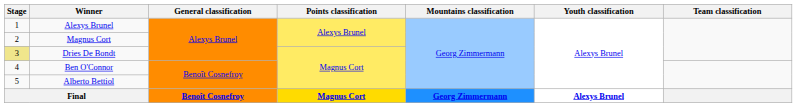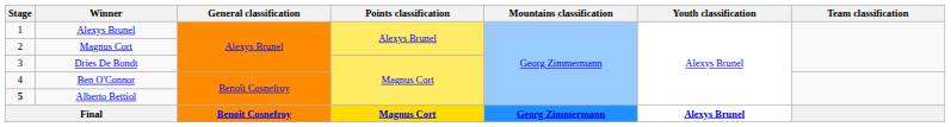 <table class="wikitable" style="text-align: center; font-size:smaller;">
 <tr style="background:#efefef;">
 <th style="width:1%;">Stage</th>
 <th style="width:13%;">Winner</th>
 <th style="width:14%;">General classification<br></th>
 <th style="width:14%;">Points classification<br></th>
 <th style="width:14%;">Mountains classification<br></th>
 <th style="width:14%;">Youth classification<br></th>
 <th style="width:14%;">Team classification</th>
 </tr>
 <tr>
 <td>1</td>
 <td><a href='#'>Alexys Brunel</a></td>
 <td style="background:#FF8C00;" rowspan="3"><a href='#'>Alexys Brunel</a></td>
 <td style="background:#FFEB64;" rowspan="2"><a href='#'>Alexys Brunel</a></td>
 <td style="background:#99CBFF;" rowspan="5"><a href='#'>Georg Zimmermann</a></td>
 <td style="background:white;" rowspan="5"><a href='#'>Alexys Brunel</a></td>
 <td style="background:offwhite" rowspan="3"></td>
 </tr>
 <tr>
 <td>2</td>
 <td><a href='#'>Magnus Cort</a></td>
 </tr>
 <tr>
-<td style="background: khaki;">3</td>
+<td>3</td>
 <td><a href='#'>Dries De Bondt</a></td>
 <td style="background:#FFEB64;" rowspan="3"><a href='#'>Magnus Cort</a></td>
 </tr>
 <tr>
 <td>4</td>
 <td><a href='#'>Ben O'Connor</a></td>
 <td style="background:#FF8C00;" rowspan="2"><a href='#'>Benoît Cosnefroy</a></td>
 <td style="background:offwhite" rowspan="2"></td>
 </tr>
 <tr>
-<td>5</td>
+<td><strong>5</strong></td>
 <td><a href='#'>Alberto Bettiol</a></td>
 </tr>
 <tr>
 <th colspan=2><strong>Final</strong></th>
 <th style="background:#FF8C00;"><a href='#'>Benoît Cosnefroy</a></th>
 <th style="background:#FFDB00;"><a href='#'>Magnus Cort</a></th>
 <th style="background:dodgerblue;"><a href='#'>Georg Zimmermann</a></th>
 <th style="background:white;"><a href='#'>Alexys Brunel</a></th>
 <th style="background:offwhite;"></th>
 </tr>
 </table>
